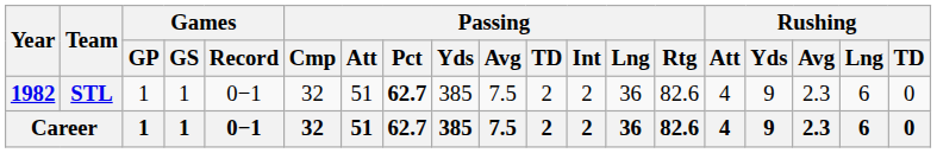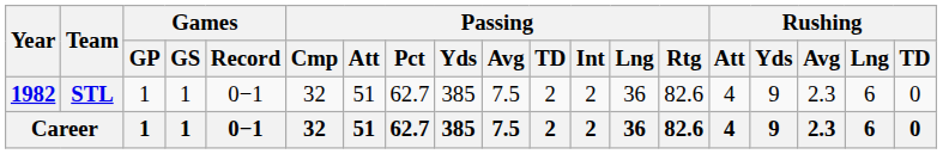 <table class="wikitable " style="text-align:center">
 <tr>
 <th rowspan="2">Year</th>
 <th rowspan="2">Team</th>
 <th colspan="3">Games</th>
 <th colspan="9">Passing</th>
 <th colspan="5">Rushing</th>
 </tr>
 <tr>
 <th>GP</th>
 <th>GS</th>
 <th>Record</th>
 <th>Cmp</th>
 <th>Att</th>
 <th>Pct</th>
 <th>Yds</th>
 <th>Avg</th>
 <th>TD</th>
 <th>Int</th>
 <th>Lng</th>
 <th>Rtg</th>
 <th>Att</th>
 <th>Yds</th>
 <th>Avg</th>
 <th>Lng</th>
 <th>TD</th>
 </tr>
 <tr>
 <th><a href='#'>1982</a></th>
 <th><a href='#'>STL</a></th>
 <td>1</td>
 <td>1</td>
 <td>0−1</td>
 <td>32</td>
 <td>51</td>
-<td><strong>62.7</strong></td>
+<td>62.7</td>
 <td>385</td>
 <td>7.5</td>
 <td>2</td>
 <td>2</td>
 <td>36</td>
 <td>82.6</td>
 <td>4</td>
 <td>9</td>
 <td>2.3</td>
 <td>6</td>
 <td>0</td>
 </tr>
 <tr>
 <th colspan="2">Career</th>
 <th>1</th>
 <th>1</th>
 <th>0−1</th>
 <th>32</th>
 <th>51</th>
 <th>62.7</th>
 <th>385</th>
 <th>7.5</th>
 <th>2</th>
 <th>2</th>
 <th>36</th>
 <th>82.6</th>
 <th>4</th>
 <th>9</th>
 <th>2.3</th>
 <th>6</th>
 <th>0</th>
 </tr>
 </table>
